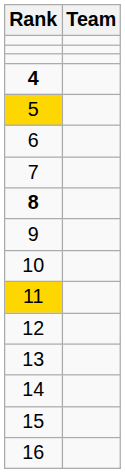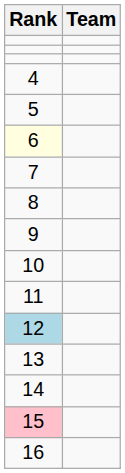 <table class="wikitable">
 <tr>
 <th>Rank</th>
 <th>Team</th>
 </tr>
 <tr>
 <td align=center></td>
 <td></td>
 </tr>
 <tr>
 <td align=center></td>
 <td></td>
 </tr>
 <tr>
 <td align=center></td>
 <td></td>
 </tr>
 <tr>
-<td align=center><strong>4</strong></td>
+<td align=center>4</td>
 <td></td>
 </tr>
 <tr>
-<td align=center style="background: gold;">5</td>
+<td align=center>5</td>
 <td></td>
 </tr>
 <tr>
-<td align=center>6</td>
+<td align=center style="background: lightyellow;">6</td>
 <td></td>
 </tr>
 <tr>
 <td align=center>7</td>
 <td></td>
 </tr>
 <tr>
-<td align=center><strong>8</strong></td>
+<td align=center>8</td>
 <td></td>
 </tr>
 <tr>
 <td align=center>9</td>
 <td></td>
 </tr>
 <tr>
 <td align=center>10</td>
 <td></td>
 </tr>
 <tr>
-<td align=center style="background: gold;">11</td>
+<td align=center>11</td>
 <td></td>
 </tr>
 <tr>
-<td align=center>12</td>
+<td align=center style="background: lightblue;">12</td>
 <td></td>
 </tr>
 <tr>
 <td align=center>13</td>
 <td></td>
 </tr>
 <tr>
 <td align=center>14</td>
 <td></td>
 </tr>
 <tr>
-<td align=center>15</td>
+<td align=center style="background: pink;">15</td>
 <td></td>
 </tr>
 <tr>
 <td align=center>16</td>
 <td></td>
 </tr>
 </table>
